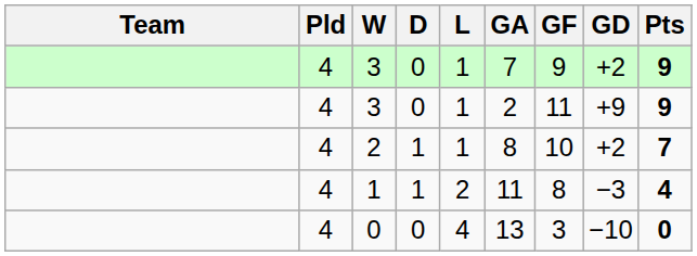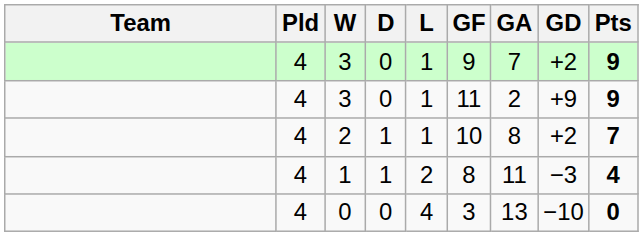 <table class="wikitable" style="text-align: center;">
 <tr>
 <th width="175">Team</th>
 <th width="20">Pld</th>
 <th width="20">W</th>
 <th width="20">D</th>
 <th width="20">L</th>
+<th width="20">GF</th>
 <th width="20">GA</th>
-<th width="20">GF</th>
 <th width="20">GD</th>
 <th width="20">Pts</th>
 </tr>
 <tr bgcolor=ccffcc>
 <td align=left></td>
 <td>4</td>
 <td>3</td>
 <td>0</td>
 <td>1</td>
+<td>9</td>
 <td>7</td>
-<td>9</td>
 <td>+2</td>
 <td><strong>9</strong></td>
 </tr>
 <tr>
 <td align=left></td>
 <td>4</td>
 <td>3</td>
 <td>0</td>
 <td>1</td>
+<td>11</td>
 <td>2</td>
-<td>11</td>
 <td>+9</td>
 <td><strong>9</strong></td>
 </tr>
 <tr>
 <td align=left></td>
 <td>4</td>
 <td>2</td>
 <td>1</td>
 <td>1</td>
+<td>10</td>
 <td>8</td>
-<td>10</td>
 <td>+2</td>
 <td><strong>7</strong></td>
 </tr>
 <tr>
 <td align=left></td>
 <td>4</td>
 <td>1</td>
 <td>1</td>
 <td>2</td>
+<td>8</td>
 <td>11</td>
-<td>8</td>
 <td>−3</td>
 <td><strong>4</strong></td>
 </tr>
 <tr>
 <td align=left></td>
 <td>4</td>
 <td>0</td>
 <td>0</td>
 <td>4</td>
+<td>3</td>
 <td>13</td>
-<td>3</td>
 <td>−10</td>
 <td><strong>0</strong></td>
 </tr>
 </table>
